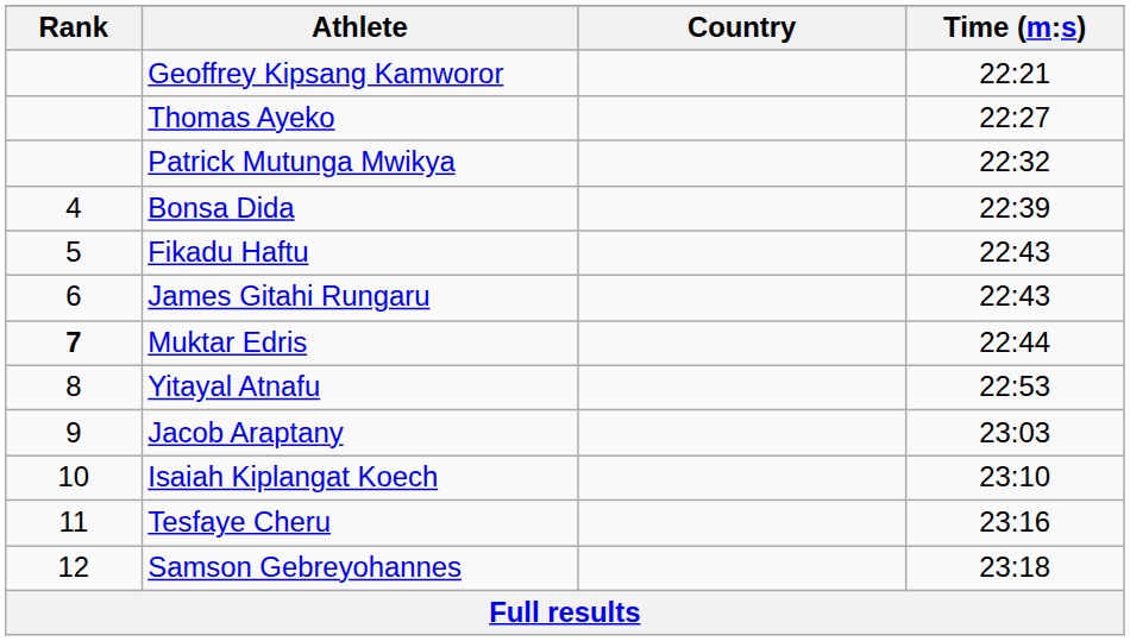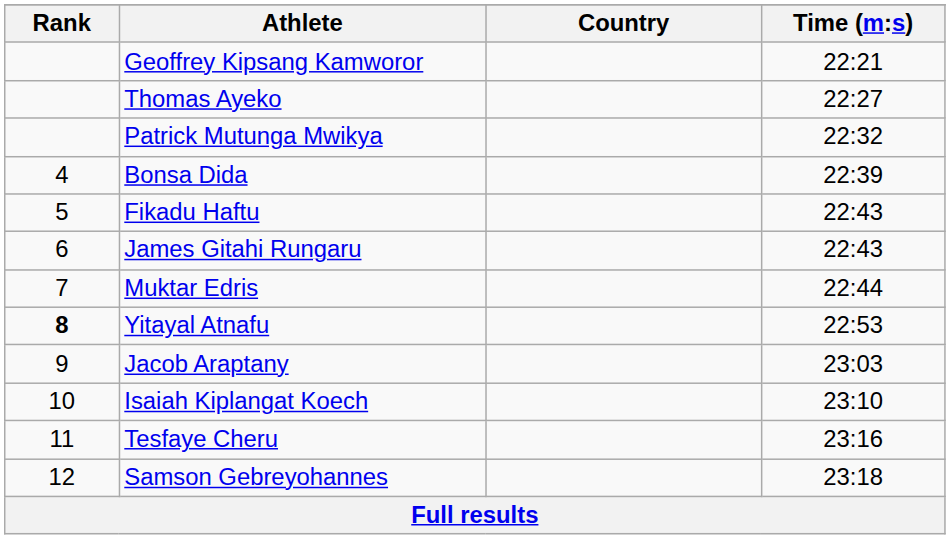 <table class="wikitable" width=50%>
 <tr>
 </tr>
 <tr>
 <th width=5%>Rank</th>
 <th width=20%>Athlete</th>
 <th width=15%>Country</th>
 <th width=10%>Time (<a href='#'>m</a>:<a href='#'>s</a>)</th>
 </tr>
 <tr align="center">
 <td></td>
 <td align="left"><a href='#'>Geoffrey Kipsang Kamworor</a></td>
 <td align="left"></td>
 <td>22:21</td>
 </tr>
 <tr align="center">
 <td></td>
 <td align="left"><a href='#'>Thomas Ayeko</a></td>
 <td align="left"></td>
 <td>22:27</td>
 </tr>
 <tr align="center">
 <td></td>
 <td align="left"><a href='#'>Patrick Mutunga Mwikya</a></td>
 <td align="left"></td>
 <td>22:32</td>
 </tr>
 <tr align="center">
 <td>4</td>
 <td align="left"><a href='#'>Bonsa Dida</a></td>
 <td align="left"></td>
 <td>22:39</td>
 </tr>
 <tr align="center">
 <td>5</td>
 <td align="left"><a href='#'>Fikadu Haftu</a></td>
 <td align="left"></td>
 <td>22:43</td>
 </tr>
 <tr align="center">
 <td>6</td>
 <td align="left"><a href='#'>James Gitahi Rungaru</a></td>
 <td align="left"></td>
 <td>22:43</td>
 </tr>
 <tr align="center">
-<td><strong>7</strong></td>
+<td>7</td>
 <td align="left"><a href='#'>Muktar Edris</a></td>
 <td align="left"></td>
 <td>22:44</td>
 </tr>
 <tr align="center">
-<td>8</td>
+<td><strong>8</strong></td>
 <td align="left"><a href='#'>Yitayal Atnafu</a></td>
 <td align="left"></td>
 <td>22:53</td>
 </tr>
 <tr align="center">
 <td>9</td>
 <td align="left"><a href='#'>Jacob Araptany</a></td>
 <td align="left"></td>
 <td>23:03</td>
 </tr>
 <tr align="center">
 <td>10</td>
 <td align="left"><a href='#'>Isaiah Kiplangat Koech</a></td>
 <td align="left"></td>
 <td>23:10</td>
 </tr>
 <tr align="center">
 <td>11</td>
 <td align="left"><a href='#'>Tesfaye Cheru</a></td>
 <td align="left"></td>
 <td>23:16</td>
 </tr>
 <tr align="center">
 <td>12</td>
 <td align="left"><a href='#'>Samson Gebreyohannes</a></td>
 <td align="left"></td>
 <td>23:18</td>
 </tr>
 <tr class="sortbottom">
 <th colspan=4 align=center><a href='#'>Full results</a></th>
 </tr>
 </table>
